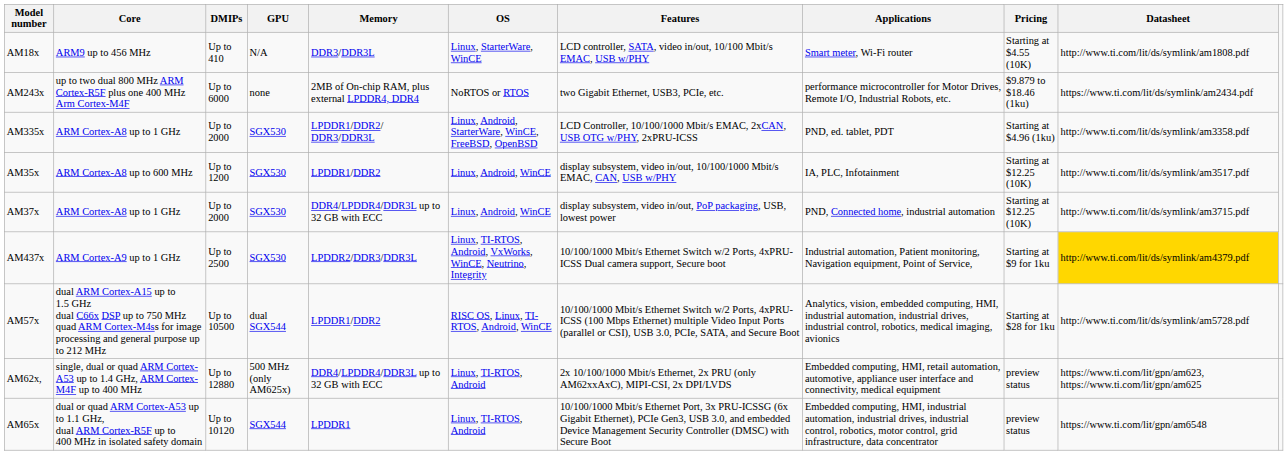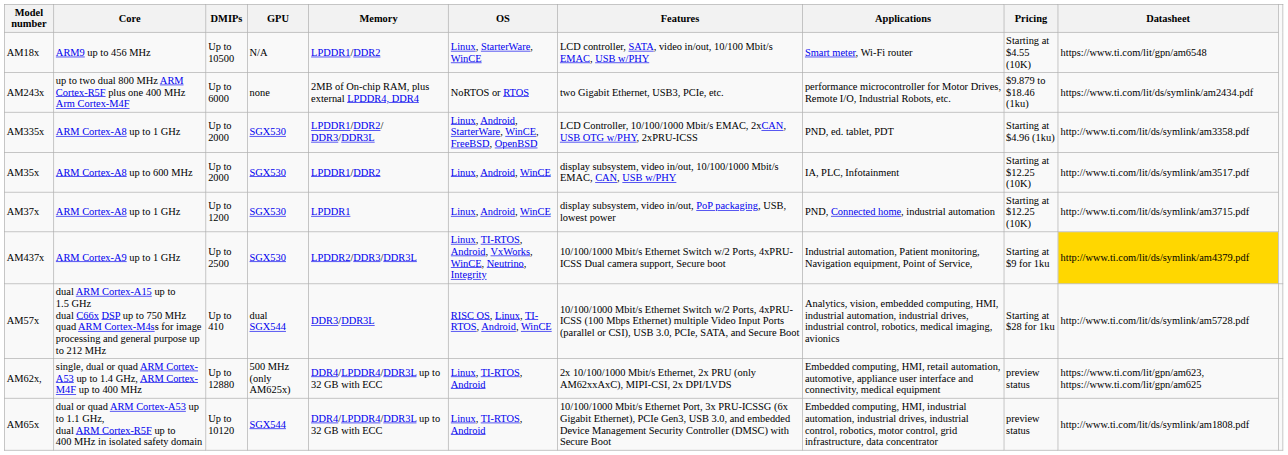 <table class="wikitable">
 <tr>
 <th>Model number</th>
 <th>Core</th>
 <th>DMIPs</th>
 <th>GPU</th>
 <th>Memory</th>
 <th>OS</th>
 <th>Features</th>
 <th>Applications</th>
 <th>Pricing</th>
 <th>Datasheet</th>
 </tr>
 <tr>
 <td>AM18x</td>
 <td><a href='#'>ARM9</a> up to 456 MHz</td>
-<td>Up to 410</td>
+<td>Up to 10500</td>
 <td>N/A</td>
-<td><a href='#'>DDR3</a>/<a href='#'>DDR3L</a></td>
+<td><a href='#'>LPDDR1</a>/<a href='#'>DDR2</a></td>
 <td><a href='#'>Linux</a>, <a href='#'>StarterWare</a>, <a href='#'>WinCE</a></td>
 <td>LCD controller, <a href='#'>SATA</a>, video in/out, 10/100 Mbit/s <a href='#'>EMAC</a>, <a href='#'>USB w/PHY</a></td>
 <td><a href='#'>Smart meter</a>, Wi-Fi router</td>
 <td>Starting at $4.55 (10K)</td>
-<td>http://www.ti.com/lit/ds/symlink/am1808.pdf</td>
+<td>https://www.ti.com/lit/gpn/am6548</td>
 </tr>
 <tr>
 <td>AM243x</td>
 <td>up to two dual 800 MHz <a href='#'>ARM Cortex-R5F</a> plus one 400 MHz <a href='#'>Arm Cortex-M4F</a></td>
 <td>Up to 6000</td>
 <td>none</td>
 <td>2MB of On-chip RAM, plus external <a href='#'>LPDDR4, DDR4</a></td>
 <td>NoRTOS or <a href='#'>RTOS</a></td>
 <td>two Gigabit Ethernet, USB3, PCIe, etc.</td>
 <td>performance microcontroller for Motor Drives, Remote I/O, Industrial Robots, etc.</td>
 <td>$9.879 to $18.46 (1ku)</td>
 <td>https://www.ti.com/lit/ds/symlink/am2434.pdf</td>
 </tr>
 <tr>
 <td>AM335x</td>
 <td><a href='#'>ARM Cortex-A8</a> up to 1 GHz</td>
 <td>Up to 2000</td>
 <td><a href='#'>SGX530</a></td>
 <td><a href='#'>LPDDR1</a>/<a href='#'>DDR2</a>/<br><a href='#'>DDR3</a>/<a href='#'>DDR3L</a></td>
 <td><a href='#'>Linux</a>, <a href='#'>Android</a>, <a href='#'>StarterWare</a>, <a href='#'>WinCE</a>, <a href='#'>FreeBSD</a>, <a href='#'>OpenBSD</a></td>
 <td>LCD Controller, 10/100/1000 Mbit/s EMAC, 2x<a href='#'>CAN</a>, <a href='#'>USB OTG w/PHY</a>, 2xPRU-ICSS</td>
 <td>PND, ed. tablet, PDT</td>
 <td>Starting at $4.96 (1ku)</td>
 <td>http://www.ti.com/lit/ds/symlink/am3358.pdf</td>
 </tr>
 <tr>
 <td>AM35x</td>
 <td><a href='#'>ARM Cortex-A8</a> up to 600 MHz</td>
-<td>Up to 1200</td>
+<td>Up to 2000</td>
 <td><a href='#'>SGX530</a></td>
 <td><a href='#'>LPDDR1</a>/<a href='#'>DDR2</a></td>
 <td><a href='#'>Linux</a>, <a href='#'>Android</a>, <a href='#'>WinCE</a></td>
 <td>display subsystem, video in/out, 10/100/1000 Mbit/s EMAC, <a href='#'>CAN</a>, <a href='#'>USB w/PHY</a></td>
 <td>IA, PLC, Infotainment</td>
 <td>Starting at $12.25 (10K)</td>
 <td>http://www.ti.com/lit/ds/symlink/am3517.pdf</td>
 </tr>
 <tr>
 <td>AM37x</td>
 <td><a href='#'>ARM Cortex-A8</a> up to 1 GHz</td>
-<td>Up to 2000</td>
+<td>Up to 1200</td>
 <td><a href='#'>SGX530</a></td>
-<td><a href='#'>DDR4</a>/<a href='#'>LPDDR4</a>/<a href='#'>DDR3L</a> up to 32 GB with ECC</td>
+<td><a href='#'>LPDDR1</a></td>
 <td><a href='#'>Linux</a>, <a href='#'>Android</a>, <a href='#'>WinCE</a></td>
 <td>display subsystem, video in/out, <a href='#'>PoP packaging</a>, USB, lowest power</td>
 <td>PND, <a href='#'>Connected home</a>, industrial automation</td>
 <td>Starting at $12.25 (10K)</td>
 <td>http://www.ti.com/lit/ds/symlink/am3715.pdf</td>
 </tr>
 <tr>
 <td>AM437x</td>
 <td><a href='#'>ARM Cortex-A9</a> up to 1 GHz</td>
 <td>Up to 2500</td>
 <td><a href='#'>SGX530</a></td>
 <td><a href='#'>LPDDR2</a>/<a href='#'>DDR3</a>/<a href='#'>DDR3L</a></td>
 <td><a href='#'>Linux</a>, <a href='#'>TI-RTOS</a>, <a href='#'>Android</a>, <a href='#'>VxWorks</a>, <a href='#'>WinCE</a>, <a href='#'>Neutrino</a>, <a href='#'>Integrity</a></td>
 <td>10/100/1000 Mbit/s Ethernet Switch w/2 Ports, 4xPRU-ICSS Dual camera support, Secure boot</td>
 <td>Industrial automation, Patient monitoring, Navigation equipment, Point of Service,</td>
 <td>Starting at $9 for 1ku</td>
 <td style="background: gold;">http://www.ti.com/lit/ds/symlink/am4379.pdf</td>
 </tr>
 <tr>
 <td>AM57x</td>
 <td>dual <a href='#'>ARM Cortex-A15</a> up to 1.5 GHz<br>dual <a href='#'>C66x</a> <a href='#'>DSP</a> up to 750 MHz quad <a href='#'>ARM Cortex-M4s</a>s for image processing and general purpose up to 212 MHz</td>
-<td>Up to 10500</td>
+<td>Up to 410</td>
 <td>dual <a href='#'>SGX544</a></td>
-<td><a href='#'>LPDDR1</a>/<a href='#'>DDR2</a></td>
+<td><a href='#'>DDR3</a>/<a href='#'>DDR3L</a></td>
 <td><a href='#'>RISC OS</a>, <a href='#'>Linux</a>, <a href='#'>TI-RTOS</a>, <a href='#'>Android</a>, <a href='#'>WinCE</a></td>
 <td>10/100/1000 Mbit/s Ethernet Switch w/2 Ports, 4xPRU-ICSS (100 Mbps Ethernet) multiple Video Input Ports (parallel or CSI), USB 3.0, PCIe, SATA, and Secure Boot</td>
 <td>Analytics, vision, embedded computing, HMI, industrial automation, industrial drives, industrial control, robotics, medical imaging, avionics</td>
 <td>Starting at $28 for 1ku</td>
 <td>http://www.ti.com/lit/ds/symlink/am5728.pdf</td>
 <td></td>
 </tr>
 <tr>
 <td>AM62x,</td>
 <td>single, dual or quad <a href='#'>ARM Cortex-A53</a> up to 1.4 GHz, <a href='#'>ARM Cortex-M4F</a> up to 400 MHz</td>
 <td>Up to 12880</td>
 <td>500 MHz (only AM625x)</td>
 <td><a href='#'>DDR4</a>/<a href='#'>LPDDR4</a>/<a href='#'>DDR3L</a> up to 32 GB with ECC</td>
 <td><a href='#'>Linux</a>, <a href='#'>TI-RTOS</a>, <a href='#'>Android</a></td>
 <td>2x 10/100/1000 Mbit/s Ethernet, 2x PRU (only AM62xxAxC), MIPI-CSI, 2x DPI/LVDS</td>
 <td>Embedded computing, HMI, retail automation, automotive, appliance user interface and connectivity, medical equipment</td>
 <td>preview status</td>
 <td>https://www.ti.com/lit/gpn/am623, https://www.ti.com/lit/gpn/am625</td>
 </tr>
 <tr>
 <td>AM65x</td>
 <td>dual or quad <a href='#'>ARM Cortex-A53</a> up to 1.1 GHz,<br>dual <a href='#'>ARM Cortex-R5F</a> up to 400 MHz in isolated safety domain</td>
 <td>Up to 10120</td>
 <td><a href='#'>SGX544</a></td>
-<td><a href='#'>LPDDR1</a></td>
+<td><a href='#'>DDR4</a>/<a href='#'>LPDDR4</a>/<a href='#'>DDR3L</a> up to 32 GB with ECC</td>
 <td><a href='#'>Linux</a>, <a href='#'>TI-RTOS</a>, <a href='#'>Android</a></td>
 <td>10/100/1000 Mbit/s Ethernet Port, 3x PRU-ICSSG (6x Gigabit Ethernet), PCIe Gen3, USB 3.0, and embedded Device Management Security Controller (DMSC) with Secure Boot</td>
 <td>Embedded computing, HMI, industrial automation, industrial drives, industrial control, robotics, motor control, grid infrastructure, data concentrator</td>
 <td>preview status</td>
-<td>https://www.ti.com/lit/gpn/am6548</td>
+<td>http://www.ti.com/lit/ds/symlink/am1808.pdf</td>
 </tr>
 </table>
